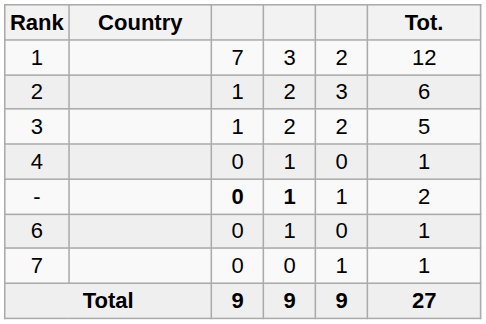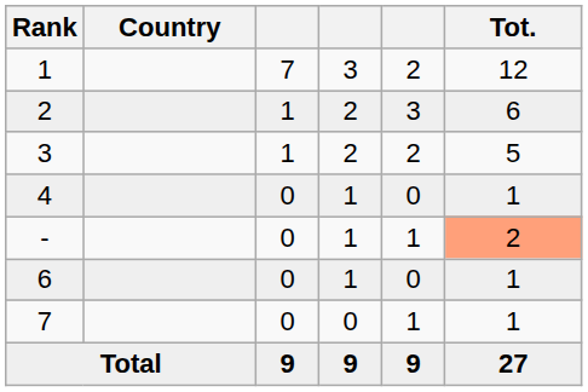 <table class=wikitable width=50% cellspacing="1" cellpadding="3" style="border:1px solid #AAAAAA;font-size:90%; text-align:center">
 <tr bgcolor="#EFEFEF">
 <th width=10%>Rank</th>
 <th width=30%>Country</th>
 <th></th>
 <th></th>
 <th></th>
 <th>Tot.</th>
 </tr>
 <tr>
 <td>1</td>
 <td align=left></td>
 <td>7</td>
 <td>3</td>
 <td>2</td>
 <td>12</td>
 </tr>
 <tr bgcolor="#efefef">
 <td>2</td>
 <td align=left></td>
 <td>1</td>
 <td>2</td>
 <td>3</td>
 <td>6</td>
 </tr>
 <tr>
 <td>3</td>
 <td align=left></td>
 <td>1</td>
 <td>2</td>
 <td>2</td>
 <td>5</td>
 </tr>
 <tr bgcolor="#efefef">
 <td>4</td>
 <td align=left></td>
 <td>0</td>
 <td>1</td>
 <td>0</td>
 <td>1</td>
 </tr>
 <tr>
 <td>-</td>
 <td align=left></td>
-<td><strong>0</strong></td>
-<td><strong>1</strong></td>
+<td>0</td>
 <td>1</td>
-<td>2</td>
+<td>1</td>
+<td style="background: lightsalmon;">2</td>
 </tr>
 <tr bgcolor="#efefef">
 <td>6</td>
 <td align=left></td>
 <td>0</td>
 <td>1</td>
 <td>0</td>
 <td>1</td>
 </tr>
 <tr>
 <td>7</td>
 <td align=left></td>
 <td>0</td>
 <td>0</td>
 <td>1</td>
 <td>1</td>
 </tr>
 <tr bgcolor="#efefef">
 <td colspan=2><strong>Total</strong></td>
 <td><strong>9</strong></td>
 <td><strong>9</strong></td>
 <td><strong>9</strong></td>
 <td><strong>27</strong></td>
 </tr>
 </table>
